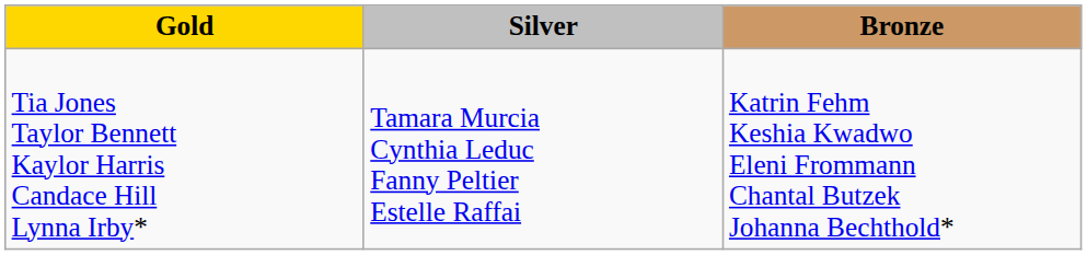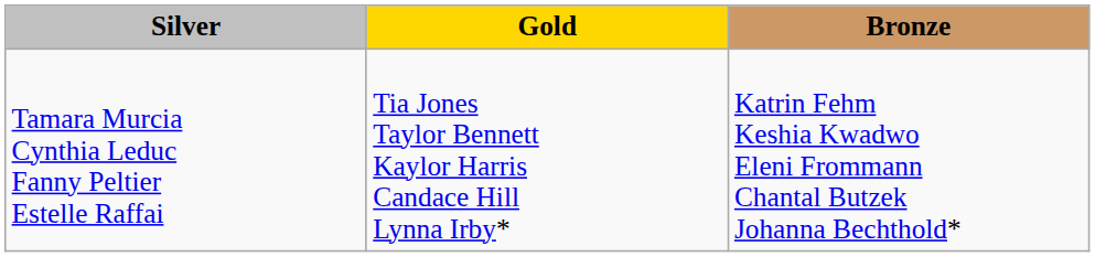 <table class="wikitable" style="text-align:left">
 <tr align="center">
+<td width=200 bgcolor=silver><strong>Silver</strong></td>
 <td width=200 bgcolor=gold><strong>Gold</strong></td>
-<td width=200 bgcolor=silver><strong>Silver</strong></td>
 <td width=200 bgcolor=CC9966><strong>Bronze</strong></td>
 </tr>
 <tr>
+<td><em></em><br><a href='#'>Tamara Murcia</a><br><a href='#'>Cynthia Leduc</a><br><a href='#'>Fanny Peltier</a><br><a href='#'>Estelle Raffai</a></td>
 <td><em></em><br><a href='#'>Tia Jones</a><br><a href='#'>Taylor Bennett</a><br><a href='#'>Kaylor Harris</a><br><a href='#'>Candace Hill</a><br><a href='#'>Lynna Irby</a>*</td>
-<td><em></em><br><a href='#'>Tamara Murcia</a><br><a href='#'>Cynthia Leduc</a><br><a href='#'>Fanny Peltier</a><br><a href='#'>Estelle Raffai</a></td>
 <td><em></em><br><a href='#'>Katrin Fehm</a><br><a href='#'>Keshia Kwadwo</a><br><a href='#'>Eleni Frommann</a><br><a href='#'>Chantal Butzek</a><br><a href='#'>Johanna Bechthold</a>*</td>
 </tr>
 </table>
